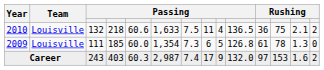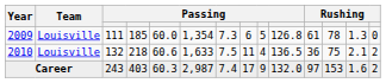 <table class="wikitable sortable" style="text-align:center;">
 <tr>
 <th rowspan=2>Year</th>
 <th rowspan=2>Team</th>
 <th colspan=8>Passing</th>
 <th colspan=4>Rushing</th>
 </tr>
 <tr>
 <th></th>
 <th></th>
 <th></th>
 <th></th>
 <th></th>
 <th></th>
 <th></th>
 <th></th>
 <th></th>
 <th></th>
 <th></th>
 <th></th>
 </tr>
 <tr>
+<td><a href='#'>2009</a></td>
+<td><a href='#'>Louisville</a></td>
+<td>111</td>
+<td>185</td>
+<td>60.0</td>
+<td>1,354</td>
+<td>7.3</td>
+<td>6</td>
+<td>5</td>
+<td>126.8</td>
+<td>61</td>
+<td>78</td>
+<td>1.3</td>
+<td>0</td>
+</tr>
+<tr>
 <td><a href='#'>2010</a></td>
 <td><a href='#'>Louisville</a></td>
 <td>132</td>
 <td>218</td>
 <td>60.6</td>
 <td>1,633</td>
 <td>7.5</td>
 <td>11</td>
 <td>4</td>
 <td>136.5</td>
 <td>36</td>
 <td>75</td>
 <td>2.1</td>
 <td>2</td>
-</tr>
-<tr>
-<td><a href='#'>2009</a></td>
-<td><a href='#'>Louisville</a></td>
-<td>111</td>
-<td>185</td>
-<td>60.0</td>
-<td>1,354</td>
-<td>7.3</td>
-<td>6</td>
-<td>5</td>
-<td>126.8</td>
-<td>61</td>
-<td>78</td>
-<td>1.3</td>
-<td>0</td>
 </tr>
 <tr class="sortbottom" style="background:#eee;">
 <td colspan=2><strong>Career</strong></td>
 <td>243</td>
 <td>403</td>
 <td>60.3</td>
 <td>2,987</td>
 <td>7.4</td>
 <td>17</td>
 <td>9</td>
 <td>132.0</td>
 <td>97</td>
 <td>153</td>
 <td>1.6</td>
 <td>2</td>
 </tr>
 </table>
